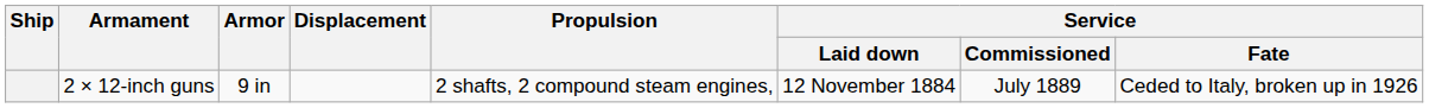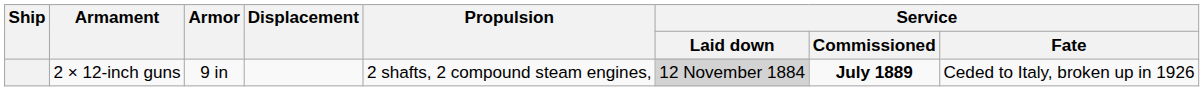 <table class="wikitable plainrowheaders" style="text-align: center;">
 <tr valign="top">
 <th scope="col" rowspan="2">Ship</th>
 <th scope="col" rowspan="2">Armament</th>
 <th scope="col" rowspan="2">Armor</th>
 <th scope="col" rowspan="2">Displacement</th>
 <th scope="col" rowspan="2">Propulsion</th>
 <th scope="col" colspan="3">Service</th>
 </tr>
 <tr valign="top">
 <th scope="col">Laid down</th>
 <th scope="col">Commissioned</th>
 <th scope="col">Fate</th>
 </tr>
 <tr valign="center">
 <th scope="row"></th>
 <td>2 × 12-inch guns</td>
 <td>9 in</td>
 <td></td>
 <td>2 shafts, 2 compound steam engines, </td>
-<td>12 November 1884</td>
-<td>July 1889</td>
+<td style="background: lightgrey;">12 November 1884</td>
+<td><strong>July 1889</strong></td>
 <td>Ceded to Italy, broken up in 1926</td>
 </tr>
 </table>
